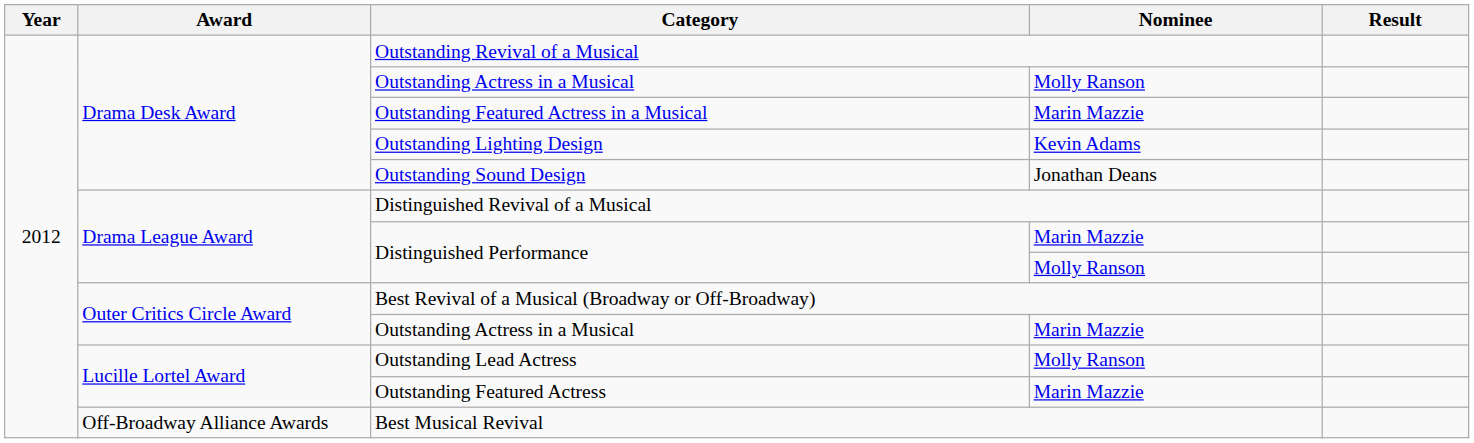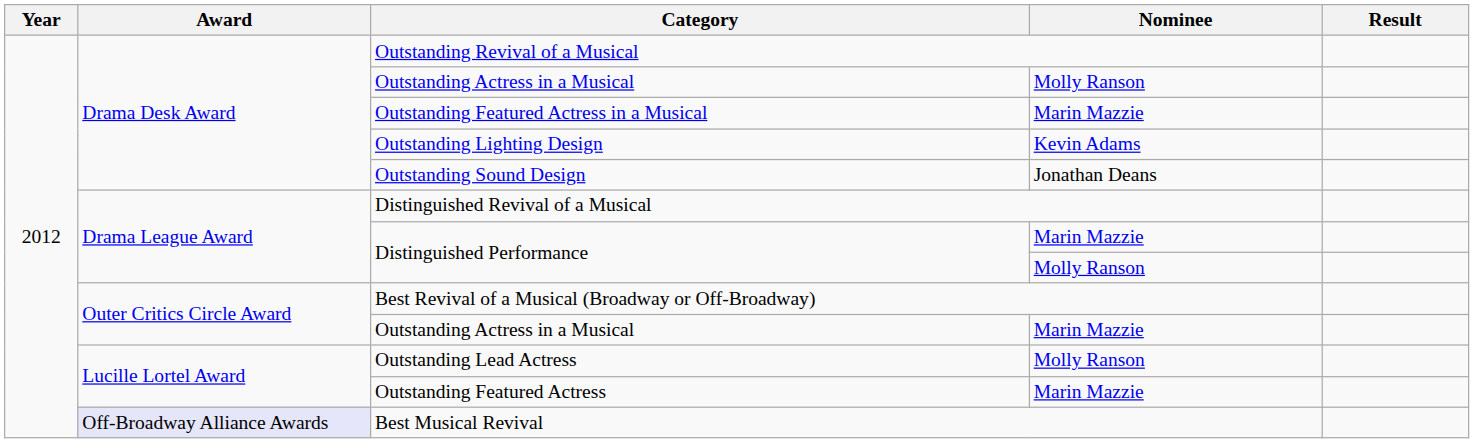 <table class="wikitable" style="width:95%;">
 <tr>
 <th style="width:5%;">Year</th>
 <th style="width:20%;">Award</th>
 <th style="width:45%;">Category</th>
 <th style="width:20%;">Nominee</th>
 <th style="width:10%;">Result</th>
 </tr>
 <tr>
 <td rowspan="13" style="text-align:center;">2012</td>
 <td rowspan="5"><a href='#'>Drama Desk Award</a></td>
 <td colspan="2"><a href='#'>Outstanding Revival of a Musical</a></td>
 <td></td>
 </tr>
 <tr>
 <td><a href='#'>Outstanding Actress in a Musical</a></td>
 <td><a href='#'>Molly Ranson</a></td>
 <td></td>
 </tr>
 <tr>
 <td><a href='#'>Outstanding Featured Actress in a Musical</a></td>
 <td><a href='#'>Marin Mazzie</a></td>
 <td></td>
 </tr>
 <tr>
 <td><a href='#'>Outstanding Lighting Design</a></td>
 <td><a href='#'>Kevin Adams</a></td>
 <td></td>
 </tr>
 <tr>
 <td><a href='#'>Outstanding Sound Design</a></td>
 <td>Jonathan Deans</td>
 <td></td>
 </tr>
 <tr>
 <td rowspan="3"><a href='#'>Drama League Award</a></td>
 <td colspan="2">Distinguished Revival of a Musical</td>
 <td></td>
 </tr>
 <tr>
 <td rowspan="2">Distinguished Performance</td>
 <td><a href='#'>Marin Mazzie</a></td>
 <td></td>
 </tr>
 <tr>
 <td><a href='#'>Molly Ranson</a></td>
 <td></td>
 </tr>
 <tr>
 <td rowspan="2"><a href='#'>Outer Critics Circle Award</a></td>
 <td colspan="2">Best Revival of a Musical (Broadway or Off-Broadway)</td>
 <td></td>
 </tr>
 <tr>
 <td>Outstanding Actress in a Musical</td>
 <td><a href='#'>Marin Mazzie</a></td>
 <td></td>
 </tr>
 <tr>
 <td rowspan="2"><a href='#'>Lucille Lortel Award</a></td>
 <td>Outstanding Lead Actress</td>
 <td><a href='#'>Molly Ranson</a></td>
 <td></td>
 </tr>
 <tr>
 <td>Outstanding Featured Actress</td>
 <td><a href='#'>Marin Mazzie</a></td>
 <td></td>
 </tr>
 <tr>
-<td>Off-Broadway Alliance Awards</td>
+<td style="background: lavender;">Off-Broadway Alliance Awards</td>
 <td colspan="2">Best Musical Revival</td>
 <td></td>
 </tr>
 </table>
